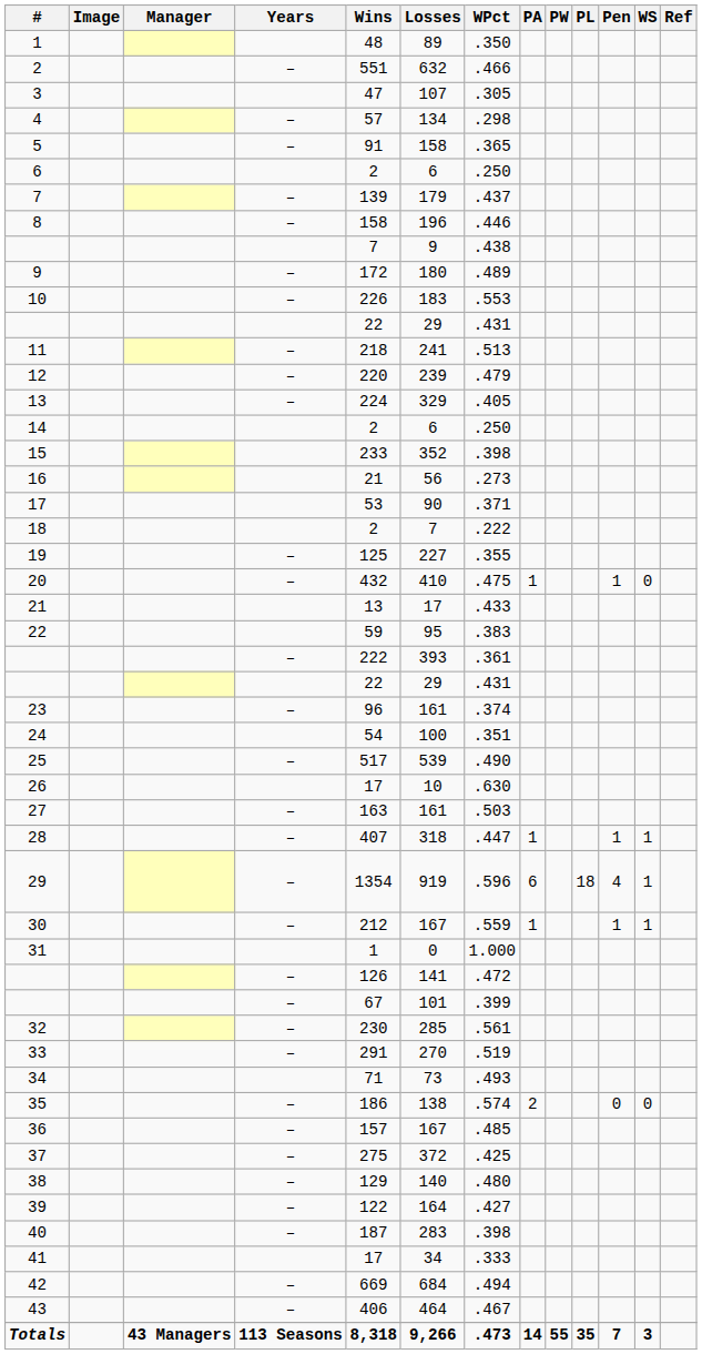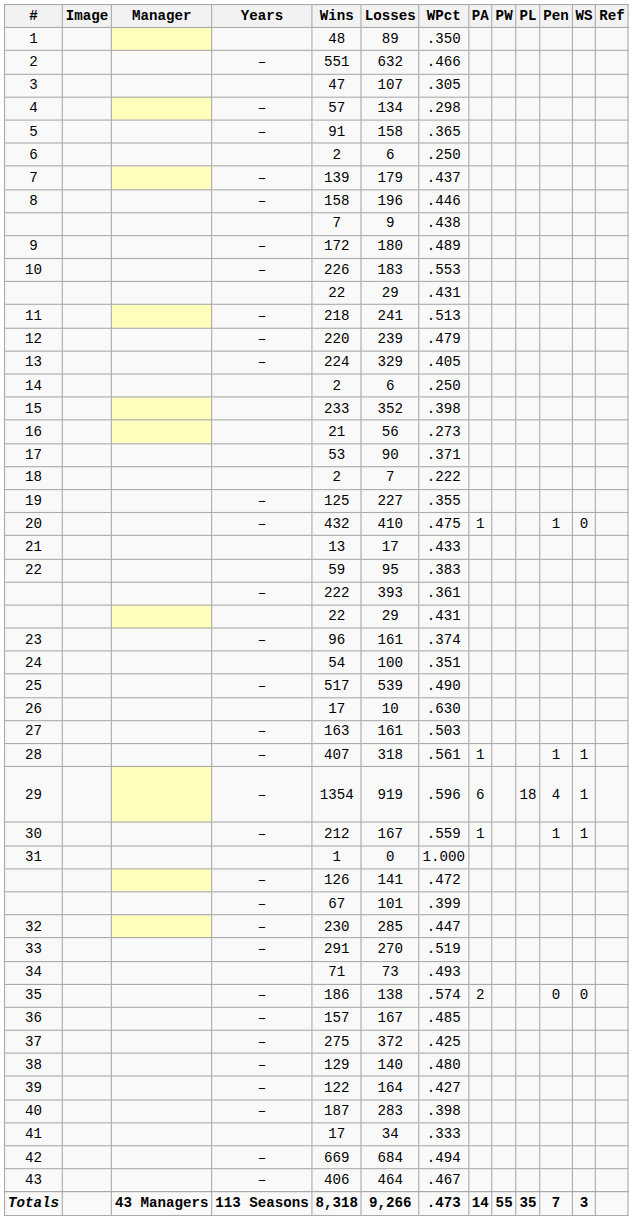 <table class="wikitable sortable" style="text-align:center">
 <tr>
 <th class="unsortable">#</th>
 <th>Image</th>
 <th>Manager</th>
 <th>Years</th>
 <th>Wins</th>
 <th>Losses</th>
 <th>WPct</th>
 <th>PA</th>
 <th>PW</th>
 <th>PL</th>
 <th>Pen</th>
 <th>WS</th>
 <th class="unsortable">Ref</th>
 </tr>
 <tr>
 <td>1</td>
 <td></td>
 <td bgcolor="#ffffbb"></td>
 <td></td>
 <td>48</td>
 <td>89</td>
 <td>.350</td>
 <td></td>
 <td></td>
 <td></td>
 <td></td>
 <td></td>
 <td></td>
 </tr>
 <tr>
 <td>2</td>
 <td></td>
 <td></td>
 <td>–</td>
 <td>551</td>
 <td>632</td>
 <td>.466</td>
 <td></td>
 <td></td>
 <td></td>
 <td></td>
 <td></td>
 <td></td>
 </tr>
 <tr>
 <td>3</td>
 <td></td>
 <td></td>
 <td></td>
 <td>47</td>
 <td>107</td>
 <td>.305</td>
 <td></td>
 <td></td>
 <td></td>
 <td></td>
 <td></td>
 <td></td>
 </tr>
 <tr>
 <td>4</td>
 <td></td>
 <td bgcolor="#ffffbb"></td>
 <td>–</td>
 <td>57</td>
 <td>134</td>
 <td>.298</td>
 <td></td>
 <td></td>
 <td></td>
 <td></td>
 <td></td>
 <td></td>
 </tr>
 <tr>
 <td>5</td>
 <td></td>
 <td></td>
 <td>–</td>
 <td>91</td>
 <td>158</td>
 <td>.365</td>
 <td></td>
 <td></td>
 <td></td>
 <td></td>
 <td></td>
 <td></td>
 </tr>
 <tr>
 <td>6</td>
 <td></td>
 <td></td>
 <td></td>
 <td>2</td>
 <td>6</td>
 <td>.250</td>
 <td></td>
 <td></td>
 <td></td>
 <td></td>
 <td></td>
 <td></td>
 </tr>
 <tr>
 <td>7</td>
 <td></td>
 <td bgcolor="#ffffbb"></td>
 <td>–</td>
 <td>139</td>
 <td>179</td>
 <td>.437</td>
 <td></td>
 <td></td>
 <td></td>
 <td></td>
 <td></td>
 <td></td>
 </tr>
 <tr>
 <td>8</td>
 <td></td>
 <td></td>
 <td>–</td>
 <td>158</td>
 <td>196</td>
 <td>.446</td>
 <td></td>
 <td></td>
 <td></td>
 <td></td>
 <td></td>
 <td></td>
 </tr>
 <tr>
 <td></td>
 <td></td>
 <td></td>
 <td></td>
 <td>7</td>
 <td>9</td>
 <td>.438</td>
 <td></td>
 <td></td>
 <td></td>
 <td></td>
 <td></td>
 <td></td>
 </tr>
 <tr>
 <td>9</td>
 <td></td>
 <td></td>
 <td>–</td>
 <td>172</td>
 <td>180</td>
 <td>.489</td>
 <td></td>
 <td></td>
 <td></td>
 <td></td>
 <td></td>
 <td></td>
 </tr>
 <tr>
 <td>10</td>
 <td></td>
 <td></td>
 <td>–</td>
 <td>226</td>
 <td>183</td>
 <td>.553</td>
 <td></td>
 <td></td>
 <td></td>
 <td></td>
 <td></td>
 <td></td>
 </tr>
 <tr>
 <td></td>
 <td></td>
 <td></td>
 <td></td>
 <td>22</td>
 <td>29</td>
 <td>.431</td>
 <td></td>
 <td></td>
 <td></td>
 <td></td>
 <td></td>
 <td></td>
 </tr>
 <tr>
 <td>11</td>
 <td></td>
 <td bgcolor="#ffffbb"></td>
 <td>–</td>
 <td>218</td>
 <td>241</td>
 <td>.513</td>
 <td></td>
 <td></td>
 <td></td>
 <td></td>
 <td></td>
 <td></td>
 </tr>
 <tr>
 <td>12</td>
 <td></td>
 <td></td>
 <td>–</td>
 <td>220</td>
 <td>239</td>
 <td>.479</td>
 <td></td>
 <td></td>
 <td></td>
 <td></td>
 <td></td>
 <td></td>
 </tr>
 <tr>
 <td>13</td>
 <td></td>
 <td></td>
 <td>–</td>
 <td>224</td>
 <td>329</td>
 <td>.405</td>
 <td></td>
 <td></td>
 <td></td>
 <td></td>
 <td></td>
 <td></td>
 </tr>
 <tr>
 <td>14</td>
 <td></td>
 <td></td>
 <td></td>
 <td>2</td>
 <td>6</td>
 <td>.250</td>
 <td></td>
 <td></td>
 <td></td>
 <td></td>
 <td></td>
 <td></td>
 </tr>
 <tr>
 <td>15</td>
 <td></td>
 <td bgcolor="#ffffbb"></td>
 <td></td>
 <td>233</td>
 <td>352</td>
 <td>.398</td>
 <td></td>
 <td></td>
 <td></td>
 <td></td>
 <td></td>
 <td></td>
 </tr>
 <tr>
 <td>16</td>
 <td></td>
 <td bgcolor="#ffffbb"></td>
 <td></td>
 <td>21</td>
 <td>56</td>
 <td>.273</td>
 <td></td>
 <td></td>
 <td></td>
 <td></td>
 <td></td>
 <td></td>
 </tr>
 <tr>
 <td>17</td>
 <td></td>
 <td></td>
 <td></td>
 <td>53</td>
 <td>90</td>
 <td>.371</td>
 <td></td>
 <td></td>
 <td></td>
 <td></td>
 <td></td>
 <td></td>
 </tr>
 <tr>
 <td>18</td>
 <td></td>
 <td></td>
 <td></td>
 <td>2</td>
 <td>7</td>
 <td>.222</td>
 <td></td>
 <td></td>
 <td></td>
 <td></td>
 <td></td>
 <td></td>
 </tr>
 <tr>
 <td>19</td>
 <td></td>
 <td></td>
 <td>–</td>
 <td>125</td>
 <td>227</td>
 <td>.355</td>
 <td></td>
 <td></td>
 <td></td>
 <td></td>
 <td></td>
 <td></td>
 </tr>
 <tr>
 <td>20</td>
 <td></td>
 <td></td>
 <td>–</td>
 <td>432</td>
 <td>410</td>
 <td>.475</td>
 <td>1</td>
 <td></td>
 <td></td>
 <td>1</td>
 <td>0</td>
 <td></td>
 </tr>
 <tr>
 <td>21</td>
 <td></td>
 <td></td>
 <td></td>
 <td>13</td>
 <td>17</td>
 <td>.433</td>
 <td></td>
 <td></td>
 <td></td>
 <td></td>
 <td></td>
 <td></td>
 </tr>
 <tr>
 <td>22</td>
 <td></td>
 <td></td>
 <td></td>
 <td>59</td>
 <td>95</td>
 <td>.383</td>
 <td></td>
 <td></td>
 <td></td>
 <td></td>
 <td></td>
 <td></td>
 </tr>
 <tr>
 <td></td>
 <td></td>
 <td></td>
 <td>–</td>
 <td>222</td>
 <td>393</td>
 <td>.361</td>
 <td></td>
 <td></td>
 <td></td>
 <td></td>
 <td></td>
 <td></td>
 </tr>
 <tr>
 <td></td>
 <td></td>
 <td bgcolor="#ffffbb"></td>
 <td></td>
 <td>22</td>
 <td>29</td>
 <td>.431</td>
 <td></td>
 <td></td>
 <td></td>
 <td></td>
 <td></td>
 <td></td>
 </tr>
 <tr>
 <td>23</td>
 <td></td>
 <td></td>
 <td>–</td>
 <td>96</td>
 <td>161</td>
 <td>.374</td>
 <td></td>
 <td></td>
 <td></td>
 <td></td>
 <td></td>
 <td></td>
 </tr>
 <tr>
 <td>24</td>
 <td></td>
 <td></td>
 <td></td>
 <td>54</td>
 <td>100</td>
 <td>.351</td>
 <td></td>
 <td></td>
 <td></td>
 <td></td>
 <td></td>
 <td></td>
 </tr>
 <tr>
 <td>25</td>
 <td></td>
 <td></td>
 <td>–</td>
 <td>517</td>
 <td>539</td>
 <td>.490</td>
 <td></td>
 <td></td>
 <td></td>
 <td></td>
 <td></td>
 <td></td>
 </tr>
 <tr>
 <td>26</td>
 <td></td>
 <td></td>
 <td></td>
 <td>17</td>
 <td>10</td>
 <td>.630</td>
 <td></td>
 <td></td>
 <td></td>
 <td></td>
 <td></td>
 <td></td>
 </tr>
 <tr>
 <td>27</td>
 <td></td>
 <td></td>
 <td>–</td>
 <td>163</td>
 <td>161</td>
 <td>.503</td>
 <td></td>
 <td></td>
 <td></td>
 <td></td>
 <td></td>
 <td></td>
 </tr>
 <tr>
 <td>28</td>
 <td></td>
 <td></td>
 <td>–</td>
 <td>407</td>
 <td>318</td>
-<td>.447</td>
+<td>.561</td>
 <td>1</td>
 <td></td>
 <td></td>
 <td>1</td>
 <td>1</td>
 <td></td>
 </tr>
 <tr>
 <td>29</td>
 <td></td>
 <td bgcolor="#ffffbb"></td>
 <td>–</td>
 <td>1354</td>
 <td>919</td>
 <td>.596</td>
 <td>6</td>
 <td></td>
 <td>18</td>
 <td>4</td>
 <td>1</td>
 <td><br><br><br></td>
 </tr>
 <tr>
 <td>30</td>
 <td></td>
 <td></td>
 <td>–</td>
 <td>212</td>
 <td>167</td>
 <td>.559</td>
 <td>1</td>
 <td></td>
 <td></td>
 <td>1</td>
 <td>1</td>
 <td></td>
 </tr>
 <tr>
 <td>31</td>
 <td></td>
 <td></td>
 <td></td>
 <td>1</td>
 <td>0</td>
 <td>1.000</td>
 <td></td>
 <td></td>
 <td></td>
 <td></td>
 <td></td>
 <td></td>
 </tr>
 <tr>
 <td></td>
 <td></td>
 <td bgcolor="#ffffbb"></td>
 <td>–</td>
 <td>126</td>
 <td>141</td>
 <td>.472</td>
 <td></td>
 <td></td>
 <td></td>
 <td></td>
 <td></td>
 <td></td>
 </tr>
 <tr>
 <td></td>
 <td></td>
 <td></td>
 <td>–</td>
 <td>67</td>
 <td>101</td>
 <td>.399</td>
 <td></td>
 <td></td>
 <td></td>
 <td></td>
 <td></td>
 <td></td>
 </tr>
 <tr>
 <td>32</td>
 <td></td>
 <td bgcolor="#ffffbb"></td>
 <td>–</td>
 <td>230</td>
 <td>285</td>
-<td>.561</td>
+<td>.447</td>
 <td></td>
 <td></td>
 <td></td>
 <td></td>
 <td></td>
 <td></td>
 </tr>
 <tr>
 <td>33</td>
 <td></td>
 <td></td>
 <td>–</td>
 <td>291</td>
 <td>270</td>
 <td>.519</td>
 <td></td>
 <td></td>
 <td></td>
 <td></td>
 <td></td>
 <td></td>
 </tr>
 <tr>
 <td>34</td>
 <td></td>
 <td></td>
 <td></td>
 <td>71</td>
 <td>73</td>
 <td>.493</td>
 <td></td>
 <td></td>
 <td></td>
 <td></td>
 <td></td>
 <td></td>
 </tr>
 <tr>
 <td>35</td>
 <td></td>
 <td></td>
 <td>–</td>
 <td>186</td>
 <td>138</td>
 <td>.574</td>
 <td>2</td>
 <td></td>
 <td></td>
 <td>0</td>
 <td>0</td>
 <td><br></td>
 </tr>
 <tr>
 <td>36</td>
 <td></td>
 <td></td>
 <td>–</td>
 <td>157</td>
 <td>167</td>
 <td>.485</td>
 <td></td>
 <td></td>
 <td></td>
 <td></td>
 <td></td>
 <td></td>
 </tr>
 <tr>
 <td>37</td>
 <td></td>
 <td></td>
 <td>–</td>
 <td>275</td>
 <td>372</td>
 <td>.425</td>
 <td></td>
 <td></td>
 <td></td>
 <td></td>
 <td></td>
 <td></td>
 </tr>
 <tr>
 <td>38</td>
 <td></td>
 <td></td>
 <td>–</td>
 <td>129</td>
 <td>140</td>
 <td>.480</td>
 <td></td>
 <td></td>
 <td></td>
 <td></td>
 <td></td>
 <td></td>
 </tr>
 <tr>
 <td>39</td>
 <td></td>
 <td></td>
 <td>–</td>
 <td>122</td>
 <td>164</td>
 <td>.427</td>
 <td></td>
 <td></td>
 <td></td>
 <td></td>
 <td></td>
 <td></td>
 </tr>
 <tr>
 <td>40</td>
 <td></td>
 <td></td>
 <td>–</td>
 <td>187</td>
 <td>283</td>
 <td>.398</td>
 <td></td>
 <td></td>
 <td></td>
 <td></td>
 <td></td>
 <td></td>
 </tr>
 <tr>
 <td>41</td>
 <td></td>
 <td></td>
 <td></td>
 <td>17</td>
 <td>34</td>
 <td>.333</td>
 <td></td>
 <td></td>
 <td></td>
 <td></td>
 <td></td>
 <td></td>
 </tr>
 <tr>
 <td>42</td>
 <td></td>
 <td></td>
 <td>–</td>
 <td>669</td>
 <td>684</td>
 <td>.494</td>
 <td></td>
 <td></td>
 <td></td>
 <td></td>
 <td></td>
 <td></td>
 </tr>
 <tr>
 <td>43</td>
 <td></td>
 <td></td>
 <td>–</td>
 <td>406</td>
 <td>464</td>
 <td>.467</td>
 <td></td>
 <td></td>
 <td></td>
 <td></td>
 <td></td>
 <td></td>
 </tr>
 <tr>
 </tr>
 <tr class="sortbottom">
 <td><strong><em>Totals</em></strong></td>
 <td></td>
 <td><strong>43 Managers</strong></td>
 <td><strong>113 Seasons</strong></td>
 <td><strong>8,318</strong></td>
 <td><strong>9,266</strong></td>
 <td><strong>.473</strong></td>
 <td><strong>14</strong></td>
 <td><strong>55</strong></td>
 <td><strong>35</strong></td>
 <td><strong>7</strong></td>
 <td><strong>3</strong></td>
 <td></td>
 </tr>
 </table>
